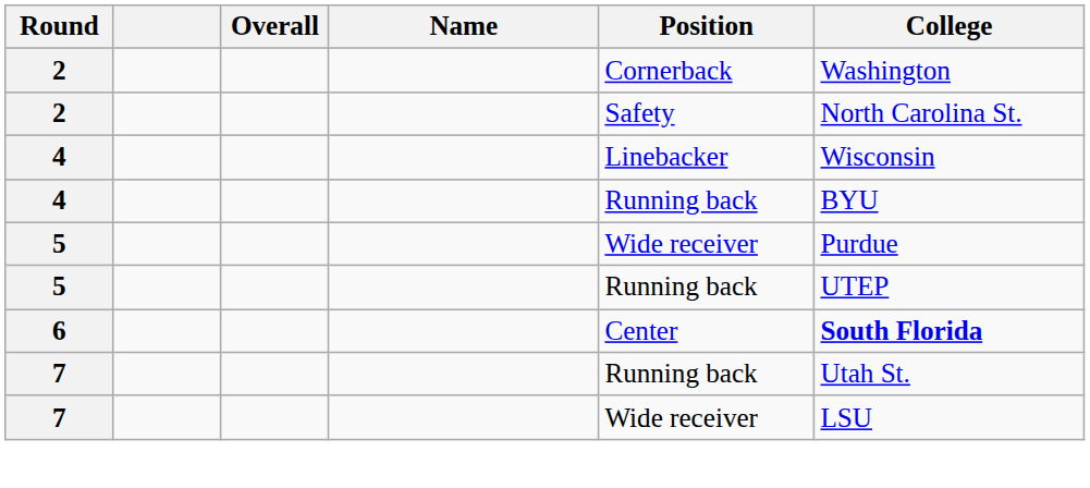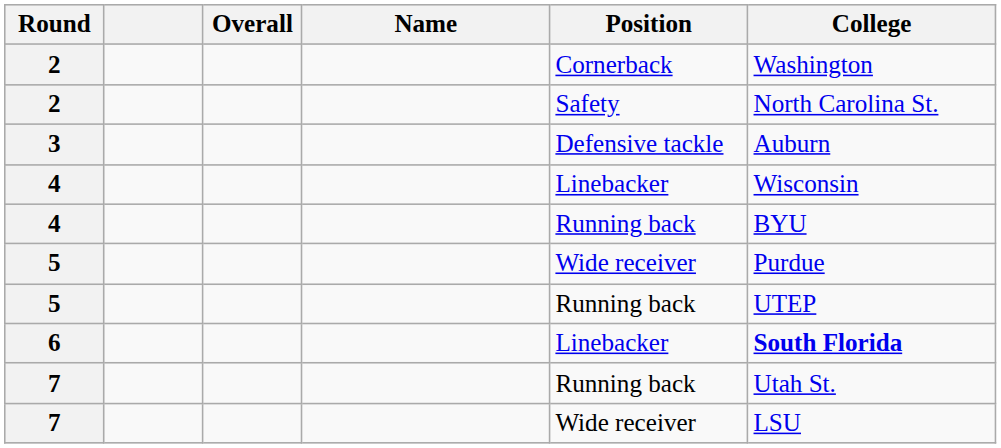 <table class="wikitable sortable" style="width: 50%;">
 <tr>
 <th scope="col" style="width: 10%;">Round</th>
 <th scope="col" style="width: 10%;"></th>
 <th scope="col" style="width: 10%;">Overall</th>
 <th scope="col" style="width: 25%;">Name</th>
 <th scope="col" style="width: 20%;">Position</th>
 <th scope="col" style="width: 25%;">College</th>
 </tr>
 <tr>
 <th scope="row">2</th>
 <td></td>
 <td></td>
 <td></td>
 <td><a href='#'>Cornerback</a></td>
 <td><a href='#'>Washington</a></td>
 </tr>
 <tr>
 <th scope="row">2</th>
 <td></td>
 <td></td>
 <td></td>
 <td><a href='#'>Safety</a></td>
 <td><a href='#'>North Carolina St.</a></td>
+</tr>
+<tr>
+<th scope="row">3</th>
+<td></td>
+<td></td>
+<td></td>
+<td><a href='#'>Defensive tackle</a></td>
+<td><a href='#'>Auburn</a></td>
 </tr>
 <tr>
 <th scope="row">4</th>
 <td></td>
 <td></td>
 <td></td>
 <td><a href='#'>Linebacker</a></td>
 <td><a href='#'>Wisconsin</a></td>
 </tr>
 <tr>
 <th scope="row">4</th>
 <td></td>
 <td></td>
 <td></td>
 <td><a href='#'>Running back</a></td>
 <td><a href='#'>BYU</a></td>
 </tr>
 <tr>
 <th scope="row">5</th>
 <td></td>
 <td></td>
 <td></td>
 <td><a href='#'>Wide receiver</a></td>
 <td><a href='#'>Purdue</a></td>
 </tr>
 <tr>
 <th scope="row">5</th>
 <td></td>
 <td></td>
 <td></td>
 <td>Running back</td>
 <td><a href='#'>UTEP</a></td>
 </tr>
 <tr>
 <th scope="row">6</th>
 <td></td>
 <td></td>
 <td></td>
-<td><a href='#'>Center</a></td>
+<td><a href='#'>Linebacker</a></td>
 <td><strong><a href='#'>South Florida</a></strong></td>
 </tr>
 <tr>
 <th scope="row">7</th>
 <td></td>
 <td></td>
 <td></td>
 <td>Running back</td>
 <td><a href='#'>Utah St.</a></td>
 </tr>
 <tr>
 <th scope="row">7</th>
 <td></td>
 <td></td>
 <td></td>
 <td>Wide receiver</td>
 <td><a href='#'>LSU</a></td>
 </tr>
 </table>
